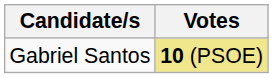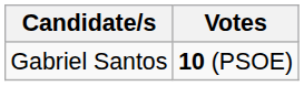 <table class="wikitable">
 <tr style="background:#E6ECFF; color:#000; font-size:100%">
 <th>Candidate/s</th>
 <th>Votes</th>
 </tr>
 <tr>
 <td>Gabriel Santos </td>
-<td align="center" style="background: khaki;"><strong>10</strong> (PSOE)</td>
+<td align="center"><strong>10</strong> (PSOE)</td>
 </tr>
 </table>
